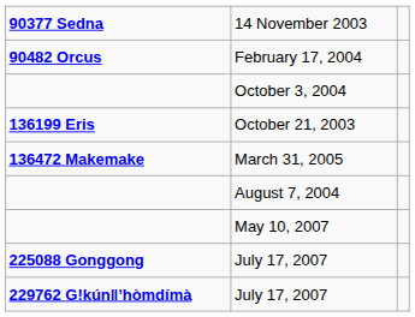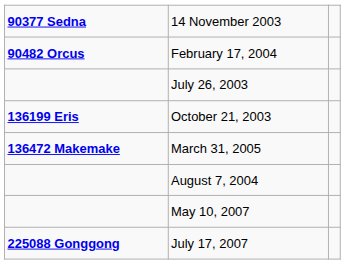 <table class="wikitable" style="font-size: 89%; float: left; width: 26em; margin-right: 1em; height: 280px;">
 <tr>
 <td><strong><a href='#'>90377 Sedna</a></strong></td>
 <td>14 November 2003</td>
 <td> </td>
 </tr>
 <tr>
 <td><strong><a href='#'>90482 Orcus</a></strong></td>
 <td>February 17, 2004</td>
 <td> </td>
 </tr>
 <tr>
 <td><strong></strong></td>
-<td>October 3, 2004</td>
+<td>July 26, 2003</td>
 <td> </td>
 </tr>
 <tr>
 <td><strong><a href='#'>136199 Eris</a></strong></td>
 <td>October 21, 2003</td>
 <td> </td>
 </tr>
 <tr>
 <td><strong><a href='#'>136472 Makemake</a></strong></td>
 <td>March 31, 2005</td>
 <td> </td>
 </tr>
 <tr>
 <td><strong></strong></td>
 <td>August 7, 2004</td>
 <td> </td>
 </tr>
 <tr>
 <td></td>
 <td>May 10, 2007</td>
 <td> </td>
 </tr>
 <tr>
 <td><strong><a href='#'>225088 Gonggong</a></strong></td>
 <td>July 17, 2007</td>
 <td> </td>
 </tr>
-<tr>
-<td><strong><a href='#'>229762 Gǃkúnǁʼhòmdímà</a></strong></td>
-<td>July 17, 2007</td>
-<td> </td>
-</tr>
 </table>
